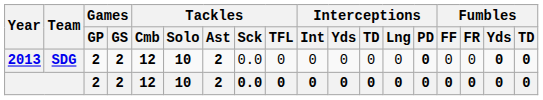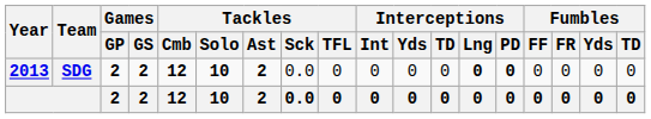 <table class="wikitable" style="text-align:center">
 <tr>
 <th rowspan="2">Year</th>
 <th rowspan="2">Team</th>
 <th colspan="2">Games</th>
 <th colspan="5">Tackles</th>
 <th colspan="5">Interceptions</th>
 <th colspan="4">Fumbles</th>
 </tr>
 <tr>
 <th>GP</th>
 <th>GS</th>
 <th>Cmb</th>
 <th>Solo</th>
 <th>Ast</th>
 <th>Sck</th>
 <th>TFL</th>
 <th>Int</th>
 <th>Yds</th>
 <th>TD</th>
 <th>Lng</th>
 <th>PD</th>
 <th>FF</th>
 <th>FR</th>
 <th>Yds</th>
 <th>TD</th>
 </tr>
 <tr>
 <th><a href='#'>2013</a></th>
 <th><a href='#'>SDG</a></th>
 <td><strong>2</strong></td>
 <td><strong>2</strong></td>
 <td><strong>12</strong></td>
 <td><strong>10</strong></td>
 <td><strong>2</strong></td>
 <td>0.0</td>
 <td>0</td>
 <td>0</td>
 <td>0</td>
 <td>0</td>
-<td>0</td>
+<td><strong>0</strong></td>
 <td><strong>0</strong></td>
 <td>0</td>
 <td>0</td>
-<td><strong>0</strong></td>
-<td><strong>0</strong></td>
+<td>0</td>
+<td>0</td>
 </tr>
 <tr>
 <th colspan="2"></th>
 <th>2</th>
 <th>2</th>
 <th>12</th>
 <th>10</th>
 <th>2</th>
 <th>0.0</th>
 <th>0</th>
 <th>0</th>
 <th>0</th>
 <th>0</th>
 <th>0</th>
 <th>0</th>
 <th>0</th>
 <th>0</th>
 <th>0</th>
 <th>0</th>
 </tr>
 </table>
